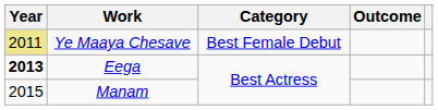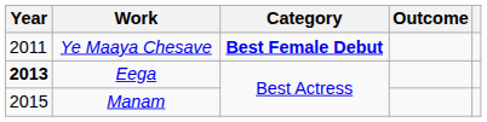 <table class="wikitable" style="width:70%;">
 <tr>
 <th width=5%>Year</th>
 <th style="width:40%;">Work</th>
 <th style="width:40%;">Category</th>
 <th style="width:15%;">Outcome</th>
 <th scope="col" style="width:5%;"></th>
 </tr>
 <tr>
-<td style="background: khaki; text-align:left;">2011</td>
+<td style="text-align:left;">2011</td>
 <td style="text-align:center;"><em><a href='#'>Ye Maaya Chesave</a></em></td>
-<td style="text-align:center;"><a href='#'>Best Female Debut</a></td>
+<td style="text-align:center;"><strong><a href='#'>Best Female Debut</a></strong></td>
 <td></td>
 <td style="text-align:center;"></td>
 </tr>
 <tr>
 <td style="text-align:left;"><strong>2013</strong></td>
 <td style="text-align:center;"><em><a href='#'>Eega</a></em></td>
 <td rowspan="2" style="text-align:center;"><a href='#'>Best Actress</a></td>
 <td></td>
 <td style="text-align:center;"></td>
 </tr>
 <tr>
 <td style="text-align:left;">2015</td>
 <td style="text-align:center;"><em><a href='#'>Manam</a></em></td>
 <td></td>
 <td style="text-align:center;"></td>
 </tr>
 </table>
